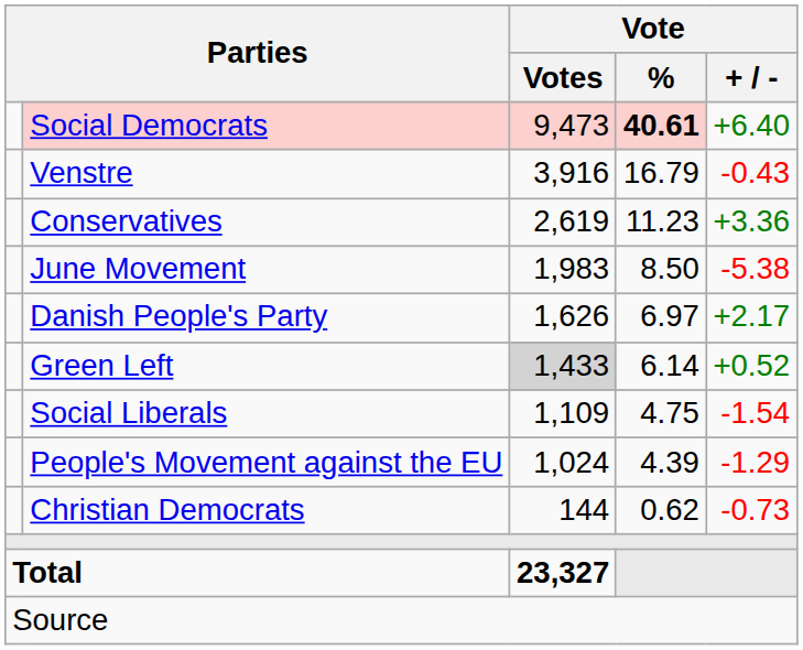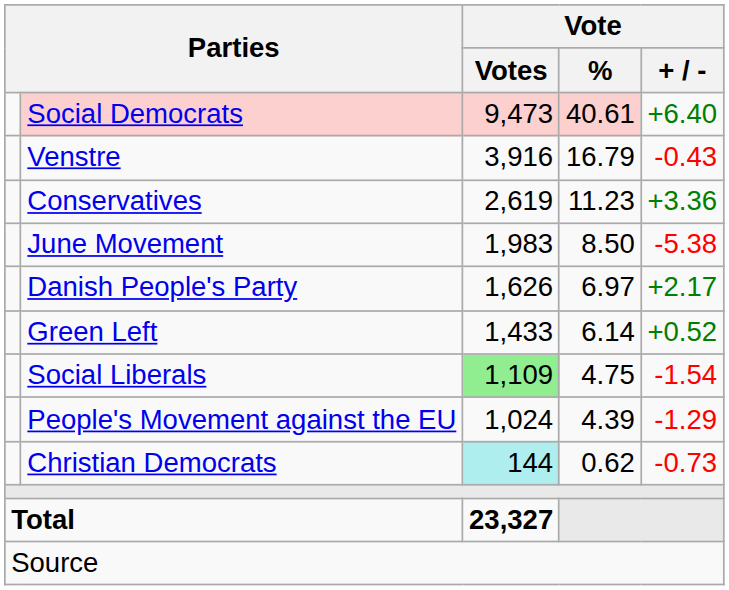 <table class="wikitable" style="text-align:right;">
 <tr>
 <th style="text-align:centre;" rowspan="2" colspan="2" width="225">Parties</th>
 <th colspan="3">Vote</th>
 </tr>
 <tr>
 <th width="15">Votes</th>
 <th width="15">%</th>
 <th width="15">+ / -</th>
 </tr>
 <tr>
 <td width="2" style="color:inherit;background:"></td>
 <td bgcolor=#fbd0ce   align="left"><a href='#'>Social Democrats</a></td>
 <td bgcolor=#fbd0ce>9,473</td>
-<td bgcolor=#fbd0ce><strong>40.61</strong></td>
+<td bgcolor=#fbd0ce>40.61</td>
 <td style=color:green;>+6.40</td>
 </tr>
 <tr>
 <td width="2" style="color:inherit;background:"></td>
 <td align="left"><a href='#'>Venstre</a></td>
 <td>3,916</td>
 <td>16.79</td>
 <td style=color:red;>-0.43</td>
 </tr>
 <tr>
 <td width="2" style="color:inherit;background:"></td>
 <td align="left"><a href='#'>Conservatives</a></td>
 <td>2,619</td>
 <td>11.23</td>
 <td style=color:green;>+3.36</td>
 </tr>
 <tr>
 <td width="2" style="color:inherit;background:"></td>
 <td align="left"><a href='#'>June Movement</a></td>
 <td>1,983</td>
 <td>8.50</td>
 <td style=color:red;>-5.38</td>
 </tr>
 <tr>
 <td width="2" style="color:inherit;background:"></td>
 <td align="left"><a href='#'>Danish People's Party</a></td>
 <td>1,626</td>
 <td>6.97</td>
 <td style=color:green;>+2.17</td>
 </tr>
 <tr>
 <td width="2" style="color:inherit;background:"></td>
 <td align="left"><a href='#'>Green Left</a></td>
-<td style="background: lightgrey;">1,433</td>
+<td>1,433</td>
 <td>6.14</td>
 <td style=color:green;>+0.52</td>
 </tr>
 <tr>
 <td width="2" style="color:inherit;background:"></td>
 <td align="left"><a href='#'>Social Liberals</a></td>
-<td>1,109</td>
+<td style="background: lightgreen;">1,109</td>
 <td>4.75</td>
 <td style=color:red;>-1.54</td>
 </tr>
 <tr>
 <td width="2" style="color:inherit;background:"></td>
 <td align="left"><a href='#'>People's Movement against the EU</a></td>
 <td>1,024</td>
 <td>4.39</td>
 <td style=color:red;>-1.29</td>
 </tr>
 <tr>
 <td width="2" style="color:inherit;background:"></td>
 <td align="left"><a href='#'>Christian Democrats</a></td>
-<td>144</td>
+<td style="background: paleturquoise;">144</td>
 <td>0.62</td>
 <td style=color:red;>-0.73</td>
 </tr>
 <tr>
 <td colspan="7" bgcolor="#E9E9E9"></td>
 </tr>
 <tr>
 <td align="left" colspan="2"><strong>Total</strong></td>
 <td><strong>23,327</strong></td>
 <td bgcolor="#E9E9E9" colspan="2"></td>
 </tr>
 <tr>
 <td align="left" colspan="6">Source</td>
 </tr>
 </table>
